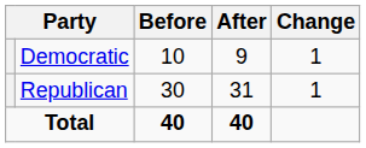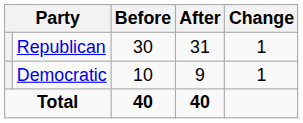 <table class="wikitable" style="text-align:center;">
 <tr>
 <th colspan="2">Party</th>
 <th>Before</th>
 <th>After</th>
 <th>Change</th>
 </tr>
 <tr>
 <th style="background-color:"></th>
-<td style="text-align:left;"><a href='#'>Democratic</a></td>
-<td>10</td>
-<td>9</td>
+<td style="text-align:left;"><a href='#'>Republican</a></td>
+<td>30</td>
+<td>31</td>
 <td> 1</td>
 </tr>
 <tr>
 <th style="background-color:"></th>
-<td style="text-align:left;"><a href='#'>Republican</a></td>
-<td>30</td>
-<td>31</td>
+<td style="text-align:left;"><a href='#'>Democratic</a></td>
+<td>10</td>
+<td>9</td>
 <td> 1</td>
 </tr>
 <tr>
 <td colspan="2"><strong>Total</strong></td>
 <td><strong>40</strong></td>
 <td><strong>40</strong></td>
 <td></td>
 </tr>
 </table>
